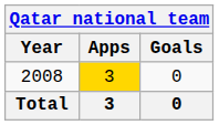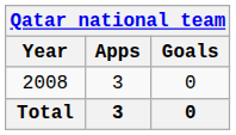 <table class="wikitable" style="text-align:center">
 <tr>
 <th colspan="3"><a href='#'>Qatar national team</a></th>
 </tr>
 <tr>
 <th>Year</th>
 <th>Apps</th>
 <th>Goals</th>
 </tr>
 <tr>
 <td>2008</td>
-<td style="background: gold;">3</td>
+<td>3</td>
 <td>0</td>
 </tr>
 <tr>
 <th>Total</th>
 <th>3</th>
 <th>0</th>
 </tr>
 </table>
